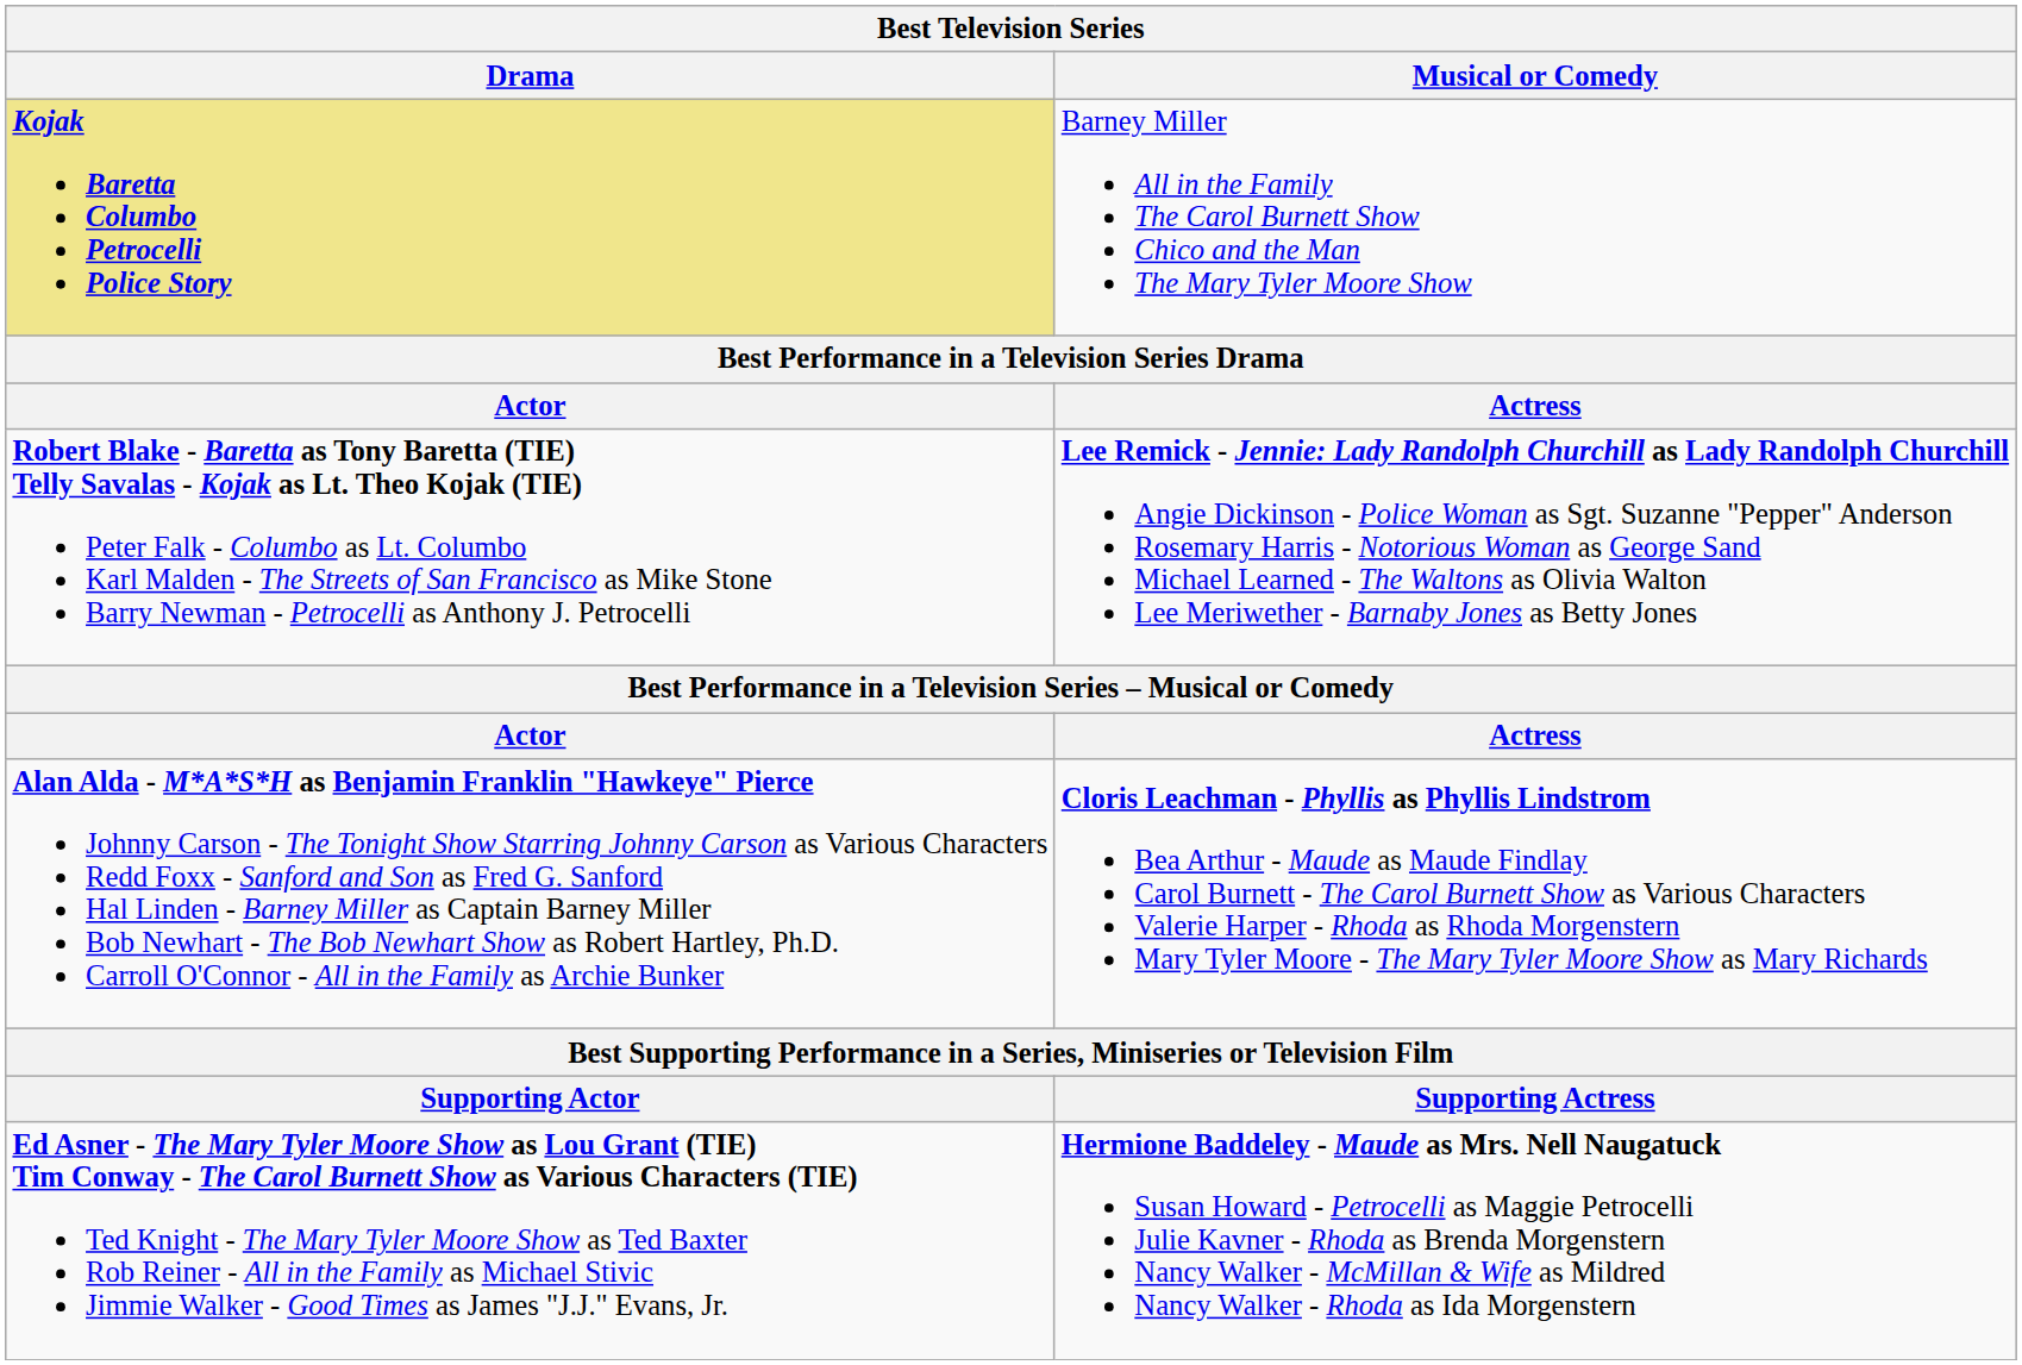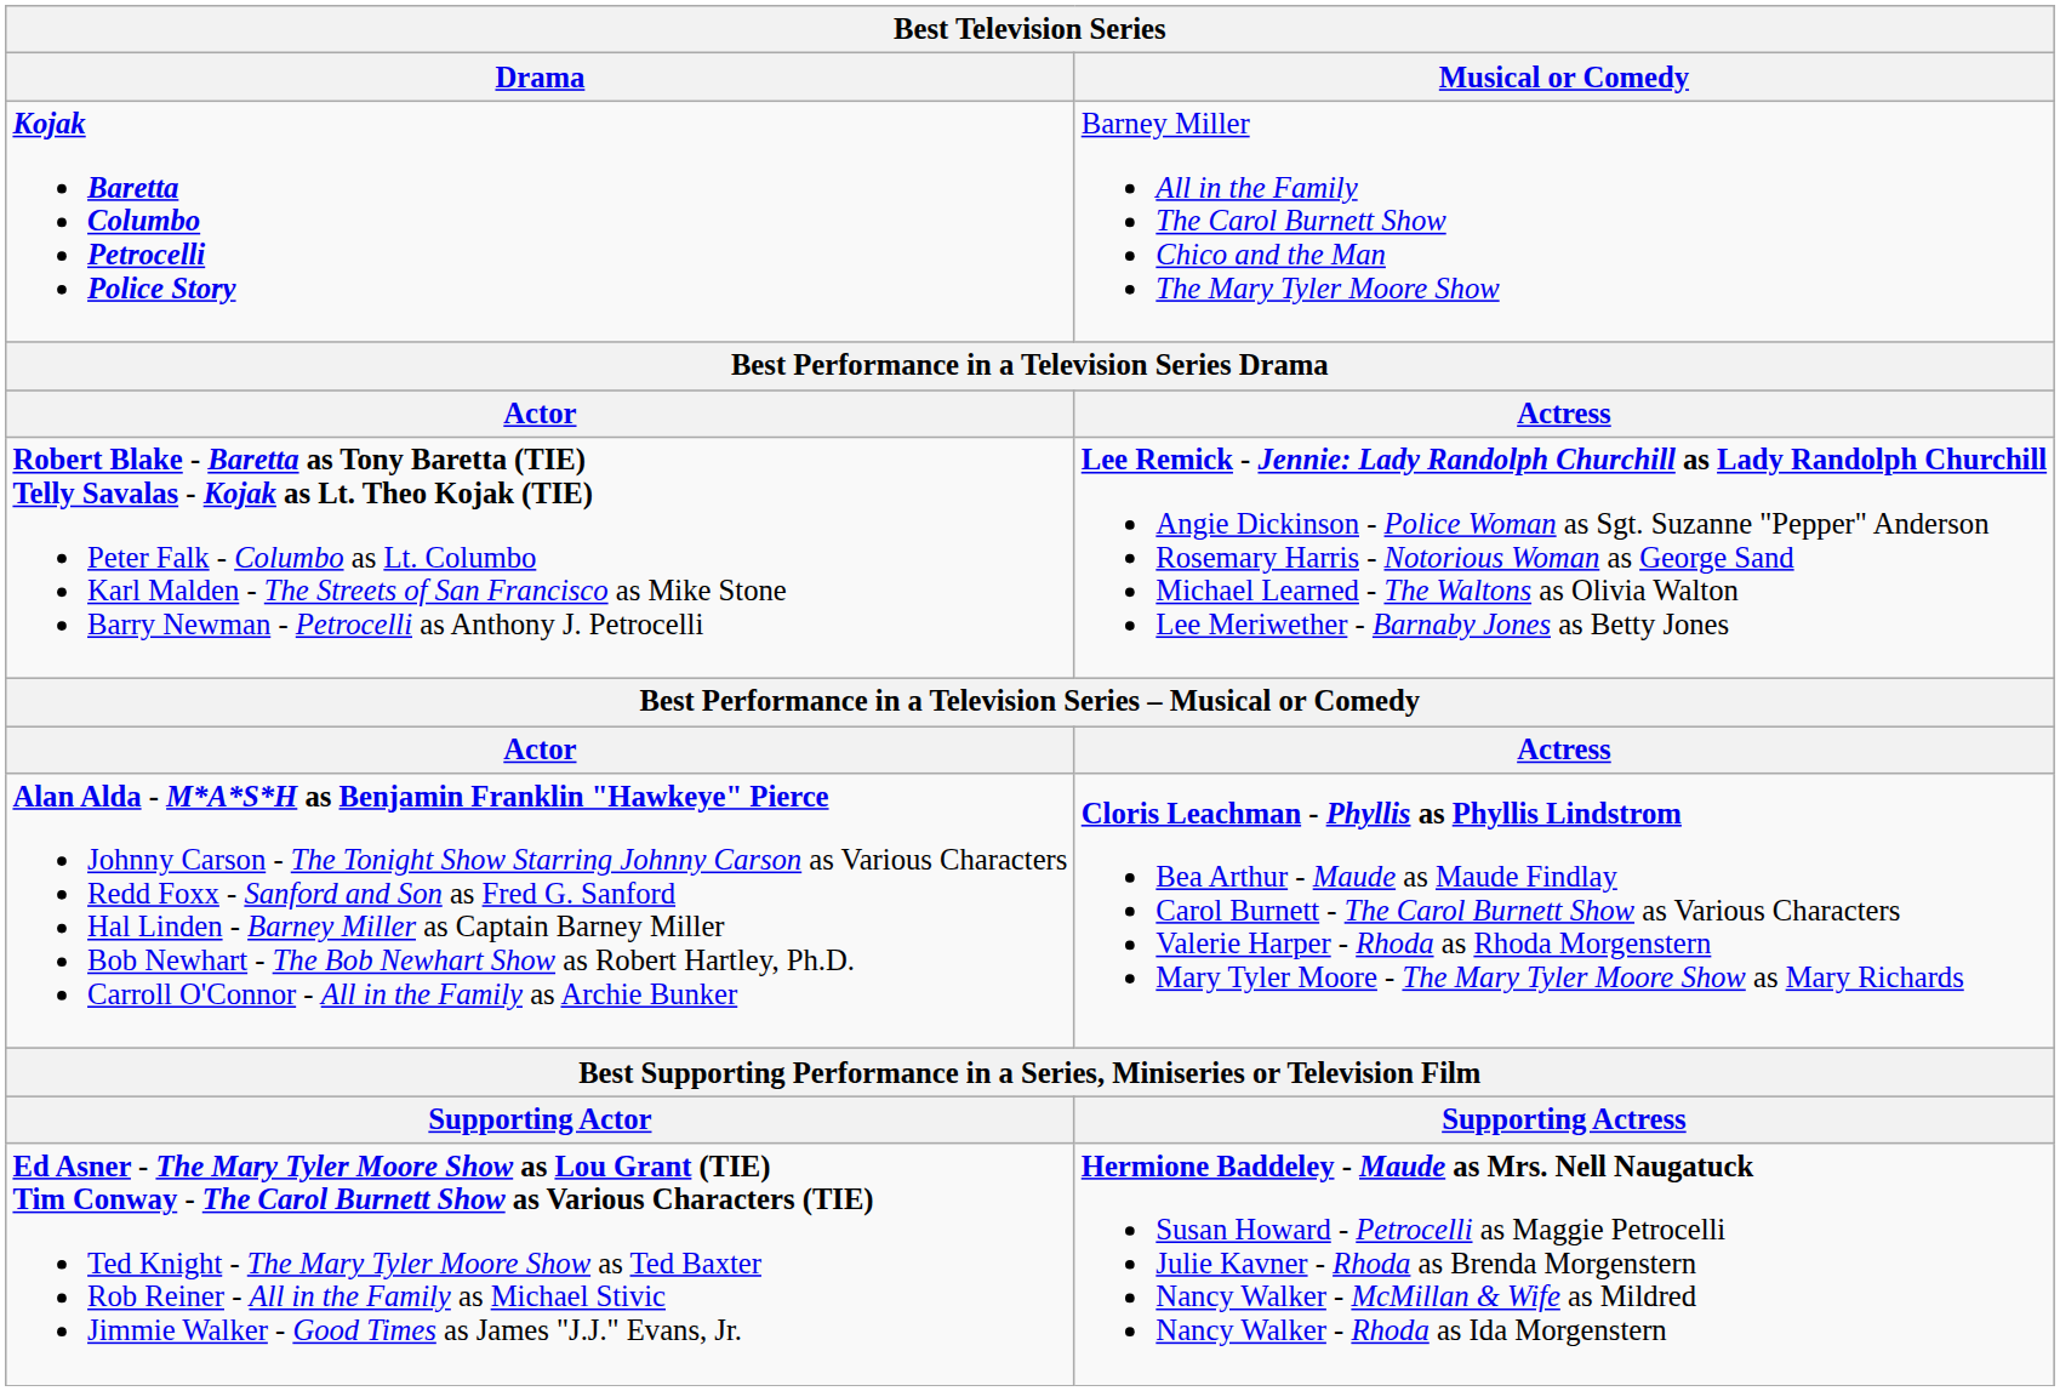 <table class="wikitable">
 <tr>
 <th colspan="2">Best Television Series</th>
 </tr>
 <tr>
 <th><a href='#'>Drama</a></th>
 <th><a href='#'>Musical or Comedy</a></th>
 </tr>
 <tr>
-<td style="background: khaki;"><strong> <em><a href='#'>Kojak</a><strong><em><br><ul><li></em><a href='#'>Baretta</a><em></li><li></em><a href='#'>Columbo</a><em></li><li></em><a href='#'>Petrocelli</a><em></li><li></em><a href='#'>Police Story</a><em></li></ul></td>
+<td><strong> <em><a href='#'>Kojak</a><strong><em><br><ul><li></em><a href='#'>Baretta</a><em></li><li></em><a href='#'>Columbo</a><em></li><li></em><a href='#'>Petrocelli</a><em></li><li></em><a href='#'>Police Story</a><em></li></ul></td>
 <td></strong> </em><a href='#'>Barney Miller</a></em></strong><br><ul><li><em><a href='#'>All in the Family</a></em></li><li><em><a href='#'>The Carol Burnett Show</a></em></li><li><em><a href='#'>Chico and the Man</a></em></li><li><em><a href='#'>The Mary Tyler Moore Show</a></em></li></ul></td>
 </tr>
 <tr>
 <th colspan="2">Best Performance in a Television Series  Drama</th>
 </tr>
 <tr>
 <th><a href='#'>Actor</a></th>
 <th><a href='#'>Actress</a></th>
 </tr>
 <tr>
 <td><strong> <a href='#'>Robert Blake</a> - <em><a href='#'>Baretta</a></em> as Tony Baretta (TIE)</strong><br><strong> <a href='#'>Telly Savalas</a> - <em><a href='#'>Kojak</a></em> as Lt. Theo Kojak	(TIE)</strong><ul><li><a href='#'>Peter Falk</a> - <em><a href='#'>Columbo</a></em> as <a href='#'>Lt. Columbo</a></li><li><a href='#'>Karl Malden</a> - <em><a href='#'>The Streets of San Francisco</a></em> as Mike Stone</li><li><a href='#'>Barry Newman</a> - <em><a href='#'>Petrocelli</a></em> as Anthony J. Petrocelli</li></ul></td>
 <td><strong> <a href='#'>Lee Remick</a> - <em><a href='#'>Jennie: Lady Randolph Churchill</a></em> as <a href='#'>Lady Randolph Churchill</a></strong><br><ul><li><a href='#'>Angie Dickinson</a> - <em><a href='#'>Police Woman</a></em> as Sgt. Suzanne "Pepper" Anderson</li><li><a href='#'>Rosemary Harris</a> - <em><a href='#'>Notorious Woman</a></em> as <a href='#'>George Sand</a></li><li><a href='#'>Michael Learned</a> - <em><a href='#'>The Waltons</a></em> as Olivia Walton</li><li><a href='#'>Lee Meriwether</a> - <em><a href='#'>Barnaby Jones</a></em> as Betty Jones</li></ul></td>
 </tr>
 <tr>
 <th colspan="2">Best Performance in a Television Series – Musical or Comedy</th>
 </tr>
 <tr>
 <th><a href='#'>Actor</a></th>
 <th><a href='#'>Actress</a></th>
 </tr>
 <tr>
 <td><strong> <a href='#'>Alan Alda</a> - <em><a href='#'>M*A*S*H</a></em> as <a href='#'>Benjamin Franklin "Hawkeye" Pierce</a></strong><br><ul><li><a href='#'>Johnny Carson</a> - <em><a href='#'>The Tonight Show Starring Johnny Carson</a></em> as Various Characters</li><li><a href='#'>Redd Foxx</a> - <em><a href='#'>Sanford and Son</a></em> as <a href='#'>Fred G. Sanford</a></li><li><a href='#'>Hal Linden</a> - <em><a href='#'>Barney Miller</a></em> as Captain Barney Miller</li><li><a href='#'>Bob Newhart</a> - <em><a href='#'>The Bob Newhart Show</a></em> as Robert Hartley, Ph.D.</li><li><a href='#'>Carroll O'Connor</a> - <em><a href='#'>All in the Family</a></em> as <a href='#'>Archie Bunker</a></li></ul></td>
 <td><strong> <a href='#'>Cloris Leachman</a> - <em><a href='#'>Phyllis</a></em> as <a href='#'>Phyllis Lindstrom</a></strong><br><ul><li><a href='#'>Bea Arthur</a> - <em><a href='#'>Maude</a></em> as <a href='#'>Maude Findlay</a></li><li><a href='#'>Carol Burnett</a> - <em><a href='#'>The Carol Burnett Show</a></em> as Various Characters</li><li><a href='#'>Valerie Harper</a> - <em><a href='#'>Rhoda</a></em> as <a href='#'>Rhoda Morgenstern</a></li><li><a href='#'>Mary Tyler Moore</a> - <em><a href='#'>The Mary Tyler Moore Show</a></em> as <a href='#'>Mary Richards</a></li></ul></td>
 </tr>
 <tr>
 <th colspan="2">Best Supporting Performance in a Series, Miniseries or Television Film</th>
 </tr>
 <tr>
 <th><a href='#'>Supporting Actor</a></th>
 <th><a href='#'>Supporting Actress</a></th>
 </tr>
 <tr>
 <td><strong> <a href='#'>Ed Asner</a> - <em><a href='#'>The Mary Tyler Moore Show</a></em> as <a href='#'>Lou Grant</a> (TIE)</strong><br><strong> <a href='#'>Tim Conway</a> - <em><a href='#'>The Carol Burnett Show</a></em> as Various Characters (TIE)</strong><ul><li><a href='#'>Ted Knight</a> - <em><a href='#'>The Mary Tyler Moore Show</a></em> as <a href='#'>Ted Baxter</a></li><li><a href='#'>Rob Reiner</a> - <em><a href='#'>All in the Family</a></em> as <a href='#'>Michael Stivic</a></li><li><a href='#'>Jimmie Walker</a> - <em><a href='#'>Good Times</a></em> as James "J.J." Evans, Jr.</li></ul></td>
 <td><strong><a href='#'>Hermione Baddeley</a> - <em><a href='#'>Maude</a></em> as Mrs. Nell Naugatuck</strong><br><ul><li><a href='#'>Susan Howard</a> - <em><a href='#'>Petrocelli</a></em> as Maggie Petrocelli</li><li><a href='#'>Julie Kavner</a> - <em><a href='#'>Rhoda</a></em> as Brenda Morgenstern</li><li><a href='#'>Nancy Walker</a> - <em><a href='#'>McMillan & Wife</a></em> as Mildred</li><li><a href='#'>Nancy Walker</a> - <em><a href='#'>Rhoda</a></em> as Ida Morgenstern</li></ul></td>
 </tr>
 </table>
